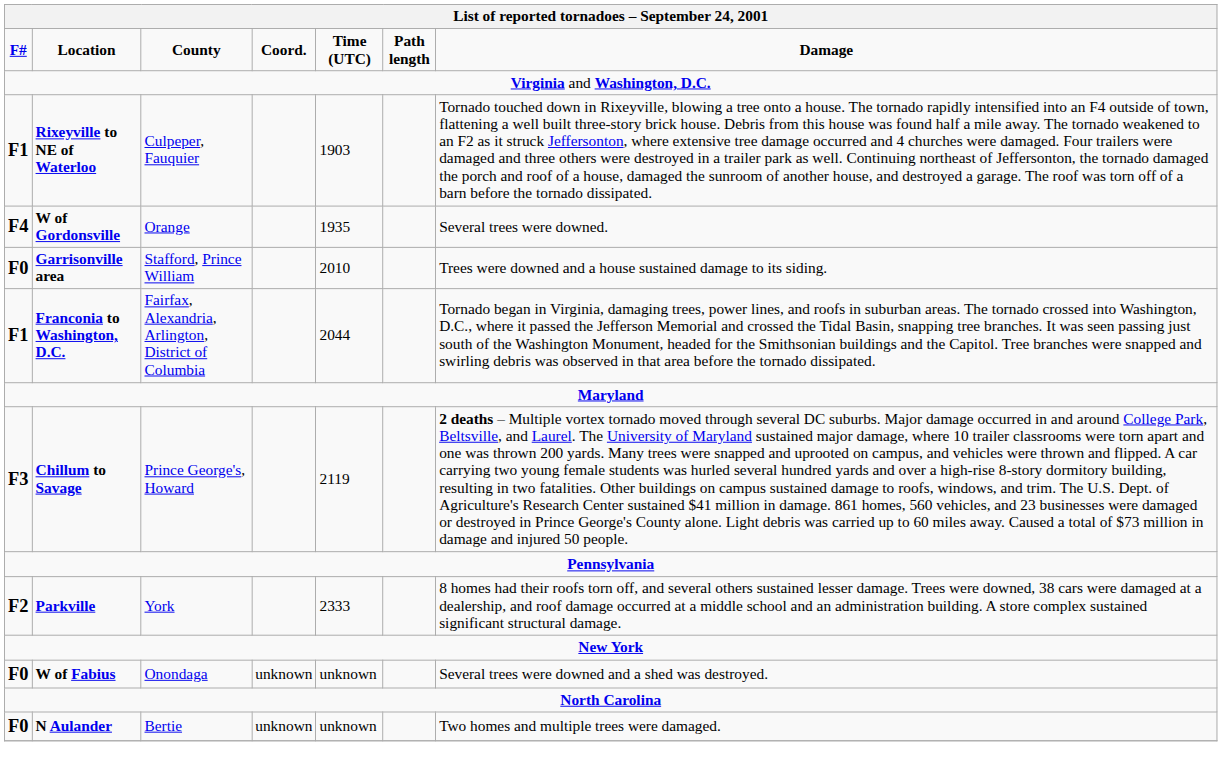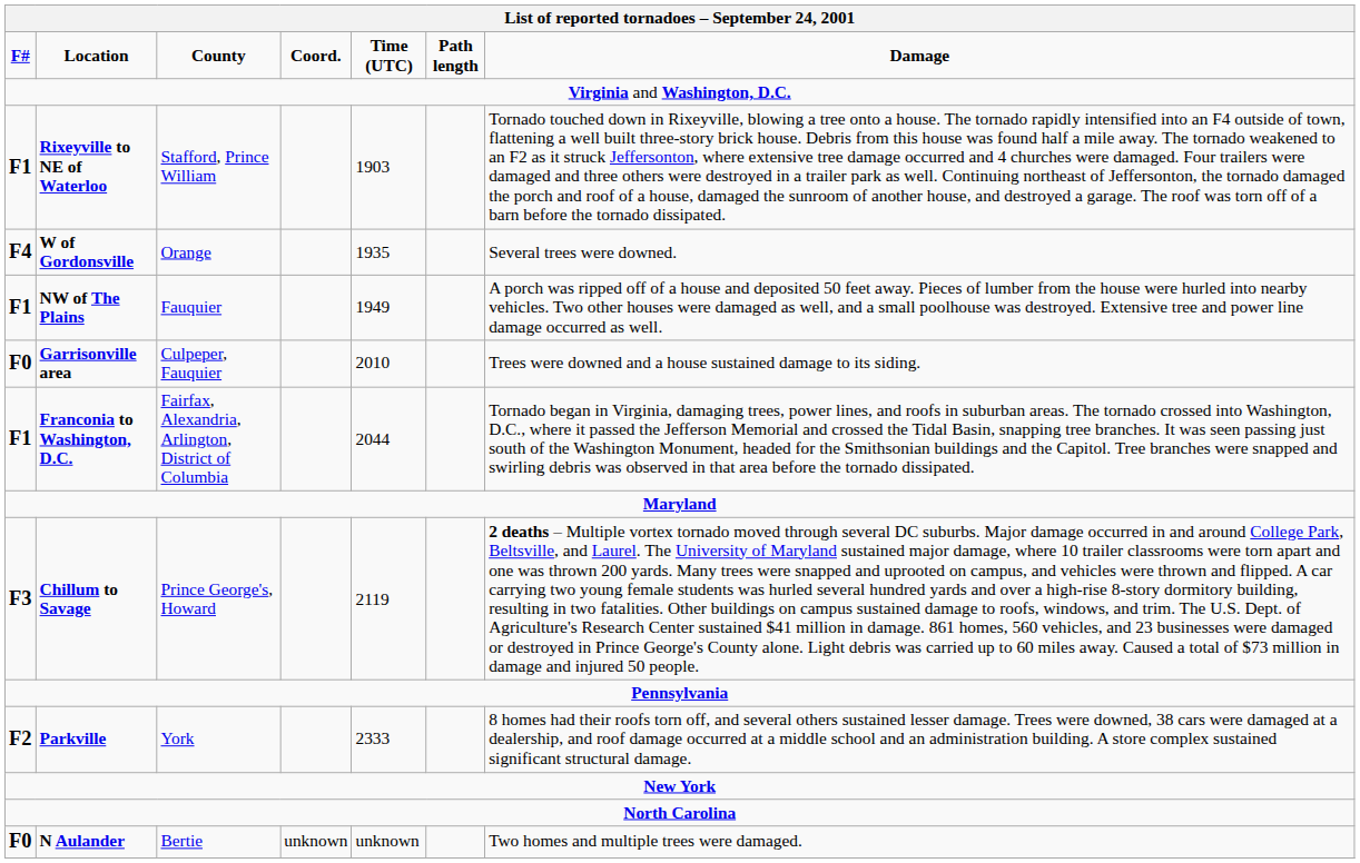 <table class="wikitable collapsible" width="100%">
 <tr>
 <th colspan="7">List of reported tornadoes – September 24, 2001</th>
 </tr>
 <tr style="text-align:center;">
 <td><strong><a href='#'>F#</a></strong></td>
 <td><strong>Location</strong></td>
 <td><strong>County</strong></td>
 <td><strong>Coord.</strong></td>
 <td><strong>Time (UTC)</strong></td>
 <td><strong>Path length</strong></td>
 <td><strong>Damage</strong></td>
 </tr>
 <tr>
 <td colspan="7" align=center><strong><a href='#'>Virginia</a></strong> and <strong><a href='#'>Washington, D.C.</a></strong></td>
 </tr>
 <tr>
 <td><big><strong>F1</strong></big></td>
 <td><strong><a href='#'>Rixeyville</a> to NE of <a href='#'>Waterloo</a></strong></td>
-<td><a href='#'>Culpeper</a>, <a href='#'>Fauquier</a></td>
+<td><a href='#'>Stafford</a>, <a href='#'>Prince William</a></td>
 <td></td>
 <td>1903</td>
 <td></td>
 <td>Tornado touched down in Rixeyville, blowing a tree onto a house. The tornado rapidly intensified into an F4 outside of town, flattening a well built three-story brick house. Debris from this house was found half a mile away. The tornado weakened to an F2 as it struck <a href='#'>Jeffersonton</a>, where extensive tree damage occurred and 4 churches were damaged. Four trailers were damaged and three others were destroyed in a trailer park as well. Continuing northeast of Jeffersonton, the tornado damaged the porch and roof of a house, damaged the sunroom of another house, and destroyed a garage. The roof was torn off of a barn before the tornado dissipated.</td>
 </tr>
 <tr>
 <td><big><strong>F4</strong></big></td>
 <td><strong>W of <a href='#'>Gordonsville</a></strong></td>
 <td><a href='#'>Orange</a></td>
 <td></td>
 <td>1935</td>
 <td></td>
 <td>Several trees were downed.</td>
 </tr>
 <tr>
+<td><big><strong>F1</strong></big></td>
+<td><strong>NW of <a href='#'>The Plains</a></strong></td>
+<td><a href='#'>Fauquier</a></td>
+<td></td>
+<td>1949</td>
+<td></td>
+<td>A porch was ripped off of a house and deposited 50 feet away. Pieces of lumber from the house were hurled into nearby vehicles. Two other houses were damaged as well, and a small poolhouse was destroyed. Extensive tree and power line damage occurred as well.</td>
+</tr>
+<tr>
 <td><big><strong>F0</strong></big></td>
 <td><strong><a href='#'>Garrisonville</a> area</strong></td>
-<td><a href='#'>Stafford</a>, <a href='#'>Prince William</a></td>
+<td><a href='#'>Culpeper</a>, <a href='#'>Fauquier</a></td>
 <td></td>
 <td>2010</td>
 <td></td>
 <td>Trees were downed and a house sustained damage to its siding.</td>
 </tr>
 <tr>
 <td><big><strong>F1</strong></big></td>
 <td><strong><a href='#'>Franconia</a> to <a href='#'>Washington, D.C.</a></strong></td>
 <td><a href='#'>Fairfax</a>, <a href='#'>Alexandria</a>, <a href='#'>Arlington</a>, <a href='#'>District of Columbia</a></td>
 <td></td>
 <td>2044</td>
 <td></td>
 <td>Tornado began in Virginia, damaging trees, power lines, and roofs in suburban areas. The tornado crossed into Washington, D.C., where it passed the Jefferson Memorial and crossed the Tidal Basin, snapping tree branches. It was seen passing just south of the Washington Monument, headed for the Smithsonian buildings and the Capitol. Tree branches were snapped and swirling debris was observed in that area before the tornado dissipated.</td>
 </tr>
 <tr>
 <td colspan="7" align=center><strong><a href='#'>Maryland</a></strong></td>
 </tr>
 <tr>
 <td><big><strong>F3</strong></big></td>
 <td><strong><a href='#'>Chillum</a> to <a href='#'>Savage</a></strong></td>
 <td><a href='#'>Prince George's</a>, <a href='#'>Howard</a></td>
 <td></td>
 <td>2119</td>
 <td></td>
 <td><strong>2 deaths</strong> – Multiple vortex tornado moved through several DC suburbs. Major damage occurred in and around <a href='#'>College Park</a>, <a href='#'>Beltsville</a>, and <a href='#'>Laurel</a>. The <a href='#'>University of Maryland</a> sustained major damage, where 10 trailer classrooms were torn apart and one was thrown 200 yards. Many trees were snapped and uprooted on campus, and vehicles were thrown and flipped. A car carrying two young female students was hurled several hundred yards and over a high-rise 8-story dormitory building, resulting in two fatalities. Other buildings on campus sustained damage to roofs, windows, and trim. The U.S. Dept. of Agriculture's Research Center sustained $41 million in damage. 861 homes, 560 vehicles, and 23 businesses were damaged or destroyed in Prince George's County alone. Light debris was carried up to 60 miles away. Caused a total of $73 million in damage and injured 50 people.</td>
 </tr>
 <tr>
 <td colspan="7" align=center><strong><a href='#'>Pennsylvania</a></strong></td>
 </tr>
 <tr>
 <td><big><strong>F2</strong></big></td>
 <td><strong><a href='#'>Parkville</a></strong></td>
 <td><a href='#'>York</a></td>
 <td></td>
 <td>2333</td>
 <td></td>
 <td>8 homes had their roofs torn off, and several others sustained lesser damage. Trees were downed, 38 cars were damaged at a dealership, and roof damage occurred at a middle school and an administration building. A store complex sustained significant structural damage.</td>
 </tr>
 <tr>
 <td colspan="7" align=center><strong><a href='#'>New York</a></strong></td>
 </tr>
 <tr>
-<td><big><strong>F0</strong></big></td>
-<td><strong>W of <a href='#'>Fabius</a></strong></td>
-<td><a href='#'>Onondaga</a></td>
-<td>unknown</td>
-<td>unknown</td>
-<td></td>
-<td>Several trees were downed and a shed was destroyed.</td>
-</tr>
-<tr>
 <td colspan="7" align=center><strong><a href='#'>North Carolina</a></strong></td>
 </tr>
 <tr>
 <td><big><strong>F0</strong></big></td>
 <td><strong>N <a href='#'>Aulander</a></strong></td>
 <td><a href='#'>Bertie</a></td>
 <td>unknown</td>
 <td>unknown</td>
 <td></td>
 <td>Two homes and multiple trees were damaged.</td>
 </tr>
 <tr>
 </tr>
 </table>
